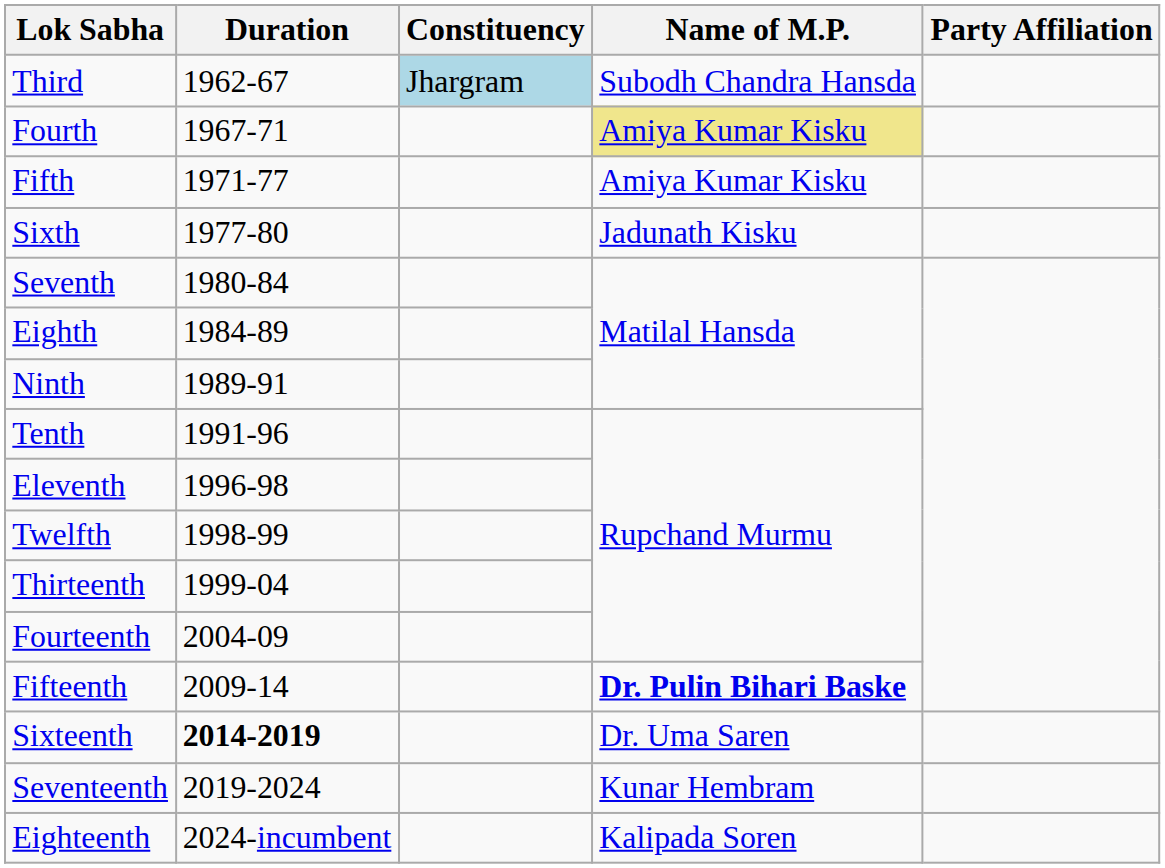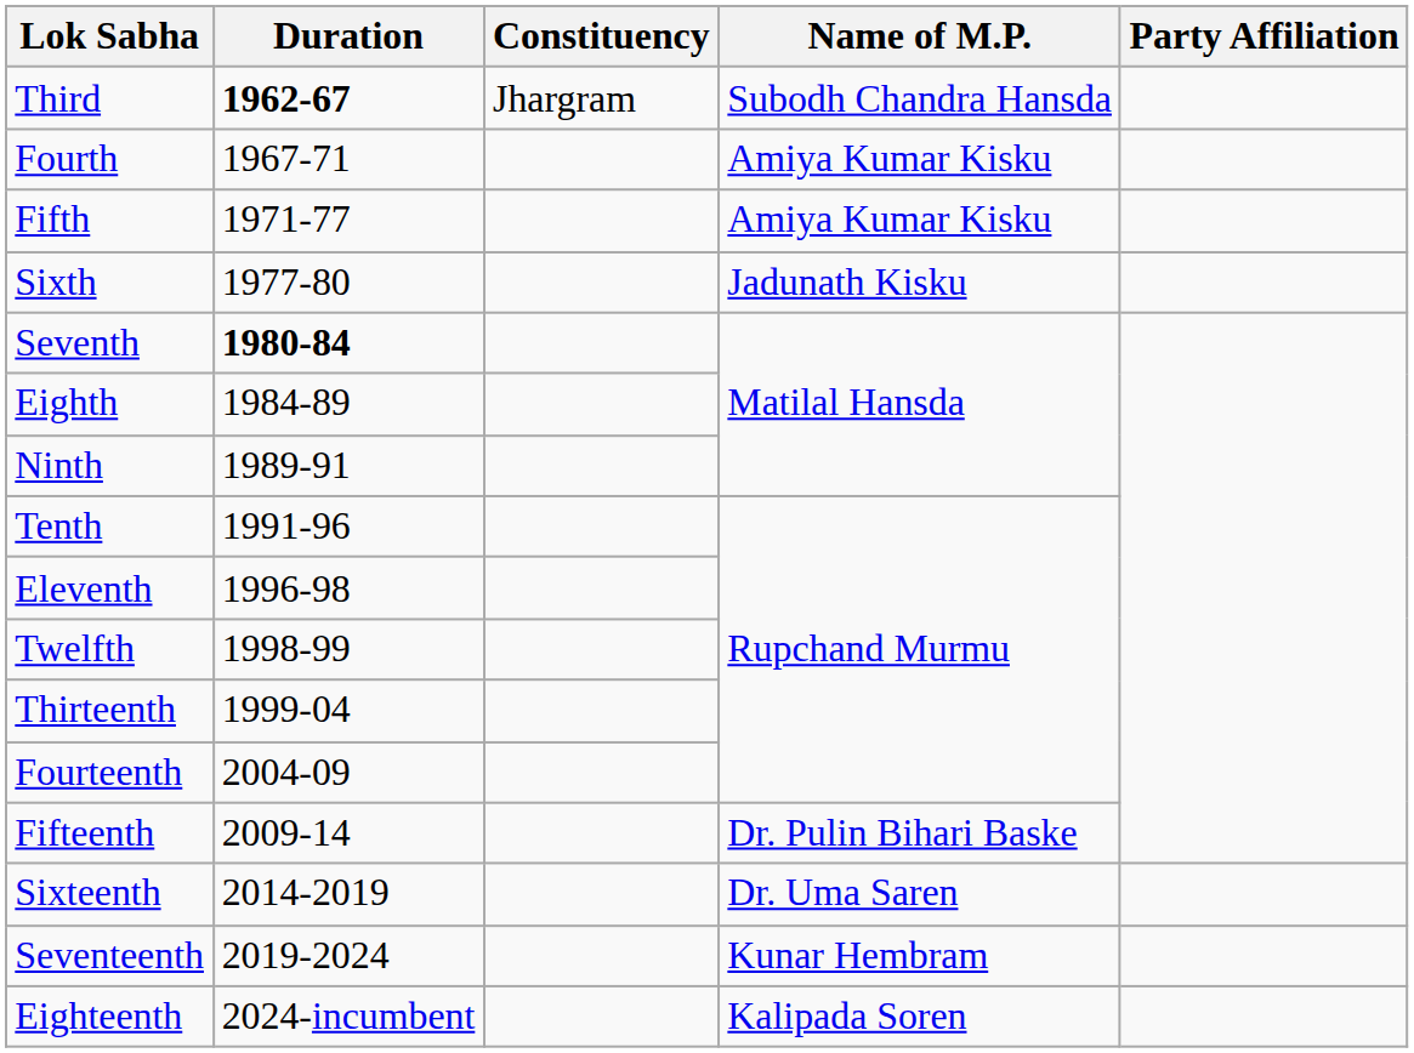 <table class="wikitable sortable">
 <tr>
 <th>Lok Sabha</th>
 <th>Duration</th>
 <th>Constituency</th>
 <th>Name of M.P.</th>
 <th colspan=2>Party Affiliation</th>
 </tr>
 <tr>
 <td><a href='#'>Third</a></td>
-<td>1962-67</td>
-<td style="background: lightblue;">Jhargram</td>
+<td><strong>1962-67</strong></td>
+<td>Jhargram</td>
 <td><a href='#'>Subodh Chandra Hansda</a></td>
 <td></td>
 </tr>
 <tr>
 <td><a href='#'>Fourth</a></td>
 <td>1967-71</td>
 <td></td>
-<td style="background: khaki;"><a href='#'>Amiya Kumar Kisku</a></td>
+<td><a href='#'>Amiya Kumar Kisku</a></td>
 <td></td>
 </tr>
 <tr>
 <td><a href='#'>Fifth</a></td>
 <td>1971-77</td>
 <td></td>
 <td><a href='#'>Amiya Kumar Kisku</a></td>
 <td></td>
 </tr>
 <tr>
 <td><a href='#'>Sixth</a></td>
 <td>1977-80</td>
 <td></td>
 <td><a href='#'>Jadunath Kisku</a></td>
 <td></td>
 </tr>
 <tr>
 <td><a href='#'>Seventh</a></td>
-<td>1980-84</td>
+<td><strong>1980-84</strong></td>
 <td></td>
 <td rowspan="3"><a href='#'>Matilal Hansda</a></td>
 </tr>
 <tr>
 <td><a href='#'>Eighth</a></td>
 <td>1984-89</td>
 <td></td>
 </tr>
 <tr>
 <td><a href='#'>Ninth</a></td>
 <td>1989-91</td>
 <td></td>
 </tr>
 <tr>
 <td><a href='#'>Tenth</a></td>
 <td>1991-96</td>
 <td></td>
 <td rowspan="5"><a href='#'>Rupchand Murmu</a></td>
 </tr>
 <tr>
 <td><a href='#'>Eleventh</a></td>
 <td>1996-98</td>
 <td></td>
 </tr>
 <tr>
 <td><a href='#'>Twelfth</a></td>
 <td>1998-99</td>
 <td></td>
 </tr>
 <tr>
 <td><a href='#'>Thirteenth</a></td>
 <td>1999-04</td>
 <td></td>
 </tr>
 <tr>
 <td><a href='#'>Fourteenth</a></td>
 <td>2004-09</td>
 <td></td>
 </tr>
 <tr>
 <td><a href='#'>Fifteenth</a></td>
 <td>2009-14</td>
 <td></td>
-<td><strong><a href='#'>Dr. Pulin Bihari Baske</a></strong></td>
+<td><a href='#'>Dr. Pulin Bihari Baske</a></td>
 </tr>
 <tr>
 <td><a href='#'>Sixteenth</a></td>
-<td><strong>2014-2019</strong></td>
+<td>2014-2019</td>
 <td></td>
 <td><a href='#'>Dr. Uma Saren</a></td>
 <td></td>
 </tr>
 <tr>
 <td><a href='#'>Seventeenth</a></td>
 <td>2019-2024</td>
 <td></td>
 <td><a href='#'>Kunar Hembram</a></td>
 <td></td>
 </tr>
 <tr>
 <td><a href='#'>Eighteenth</a></td>
 <td>2024-<a href='#'>incumbent</a></td>
 <td></td>
 <td><a href='#'>Kalipada Soren</a></td>
 <td></td>
 </tr>
 </table>
